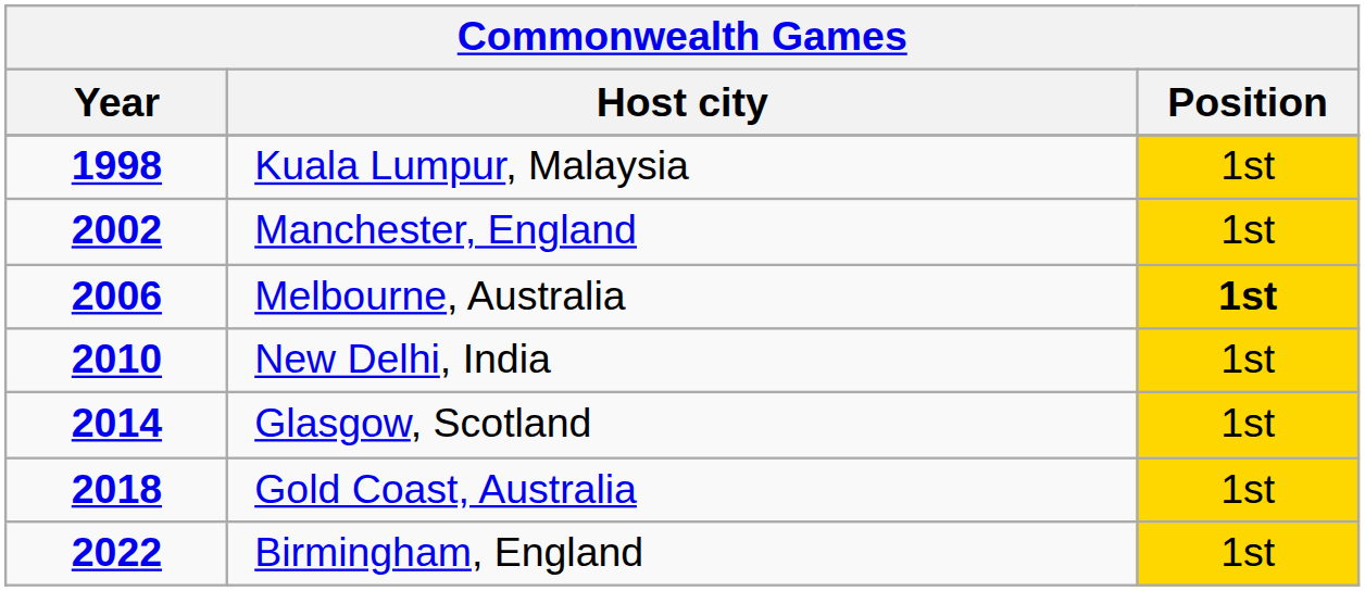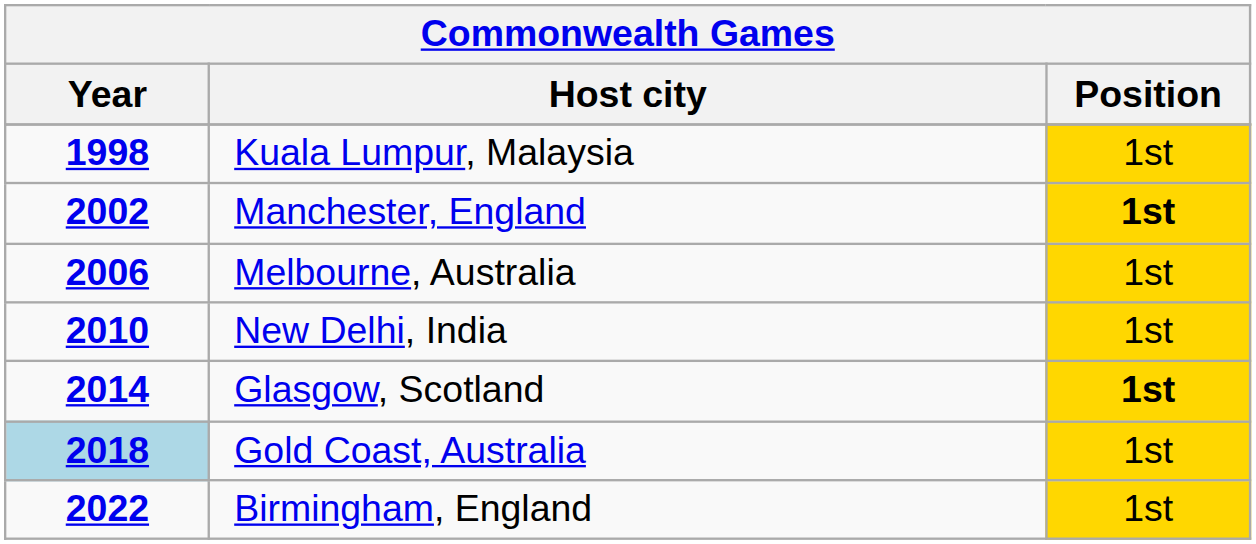 <table class="wikitable" style="text-align: center;">
 <tr>
 <th colspan=4><a href='#'>Commonwealth Games</a></th>
 </tr>
 <tr>
 <th style="width: 80px;">Year</th>
 <th style="width: 350px;">Host city</th>
 <th style="width: 80px;">Position</th>
 </tr>
 <tr>
 </tr>
 <tr>
 <td><strong><a href='#'>1998</a></strong></td>
 <td style="text-align: left; padding-left: 10px;"> <a href='#'>Kuala Lumpur</a>, Malaysia</td>
 <td style="background-color: gold;">1st</td>
 </tr>
 <tr>
 <td><strong><a href='#'>2002</a></strong></td>
 <td style="text-align: left; padding-left: 10px;"> <a href='#'>Manchester, England</a></td>
-<td style="background-color: gold;">1st</td>
+<td style="background-color: gold;"><strong>1st</strong></td>
 </tr>
 <tr>
 <td><strong><a href='#'>2006</a></strong></td>
 <td style="text-align: left; padding-left: 10px;"> <a href='#'>Melbourne</a>, Australia</td>
-<td style="background-color: gold;"><strong>1st</strong></td>
+<td style="background-color: gold;">1st</td>
 </tr>
 <tr>
 <td><strong><a href='#'>2010</a></strong></td>
 <td style="text-align: left; padding-left: 10px;"> <a href='#'>New Delhi</a>, India</td>
 <td style="background-color: gold;">1st</td>
 </tr>
 <tr>
 <td><strong><a href='#'>2014</a></strong></td>
 <td style="text-align: left; padding-left: 10px;"> <a href='#'>Glasgow</a>, Scotland</td>
-<td style="background-color: gold;">1st</td>
+<td style="background-color: gold;"><strong>1st</strong></td>
 </tr>
 <tr>
-<td><strong><a href='#'>2018</a></strong></td>
+<td style="background: lightblue;"><strong><a href='#'>2018</a></strong></td>
 <td style="text-align: left; padding-left: 10px;"> <a href='#'>Gold Coast, Australia</a></td>
 <td style="background-color: gold;">1st</td>
 </tr>
 <tr>
 <td><strong><a href='#'>2022</a></strong></td>
 <td style="text-align: left; padding-left: 10px;"> <a href='#'>Birmingham</a>, England</td>
 <td style="background-color: gold;">1st</td>
 </tr>
 </table>
